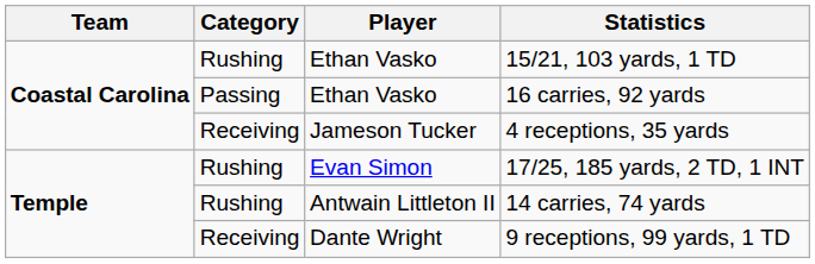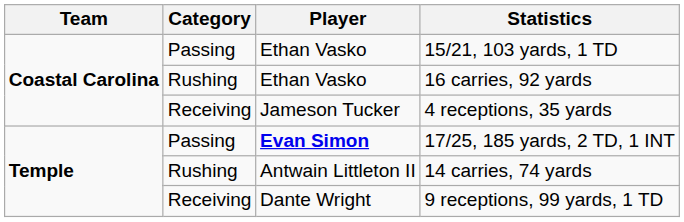 <table class="wikitable" style="float: right;">
 <tr>
 <th>Team</th>
 <th>Category</th>
 <th>Player</th>
 <th>Statistics</th>
 </tr>
 <tr>
 <td rowspan=3><strong>Coastal Carolina</strong></td>
-<td>Rushing</td>
+<td>Passing</td>
 <td>Ethan Vasko</td>
 <td>15/21, 103 yards, 1 TD</td>
 </tr>
 <tr>
-<td>Passing</td>
+<td>Rushing</td>
 <td>Ethan Vasko</td>
 <td>16 carries, 92 yards</td>
 </tr>
 <tr>
 <td>Receiving</td>
 <td>Jameson Tucker</td>
 <td>4 receptions, 35 yards</td>
 </tr>
 <tr>
 <td rowspan=3><strong>Temple</strong></td>
-<td>Rushing</td>
-<td><a href='#'>Evan Simon</a></td>
+<td>Passing</td>
+<td><strong><a href='#'>Evan Simon</a></strong></td>
 <td>17/25, 185 yards, 2 TD, 1 INT</td>
 </tr>
 <tr>
 <td>Rushing</td>
 <td>Antwain Littleton II</td>
 <td>14 carries, 74 yards</td>
 </tr>
 <tr>
 <td>Receiving</td>
 <td>Dante Wright</td>
 <td>9 receptions, 99 yards, 1 TD</td>
 </tr>
 </table>
